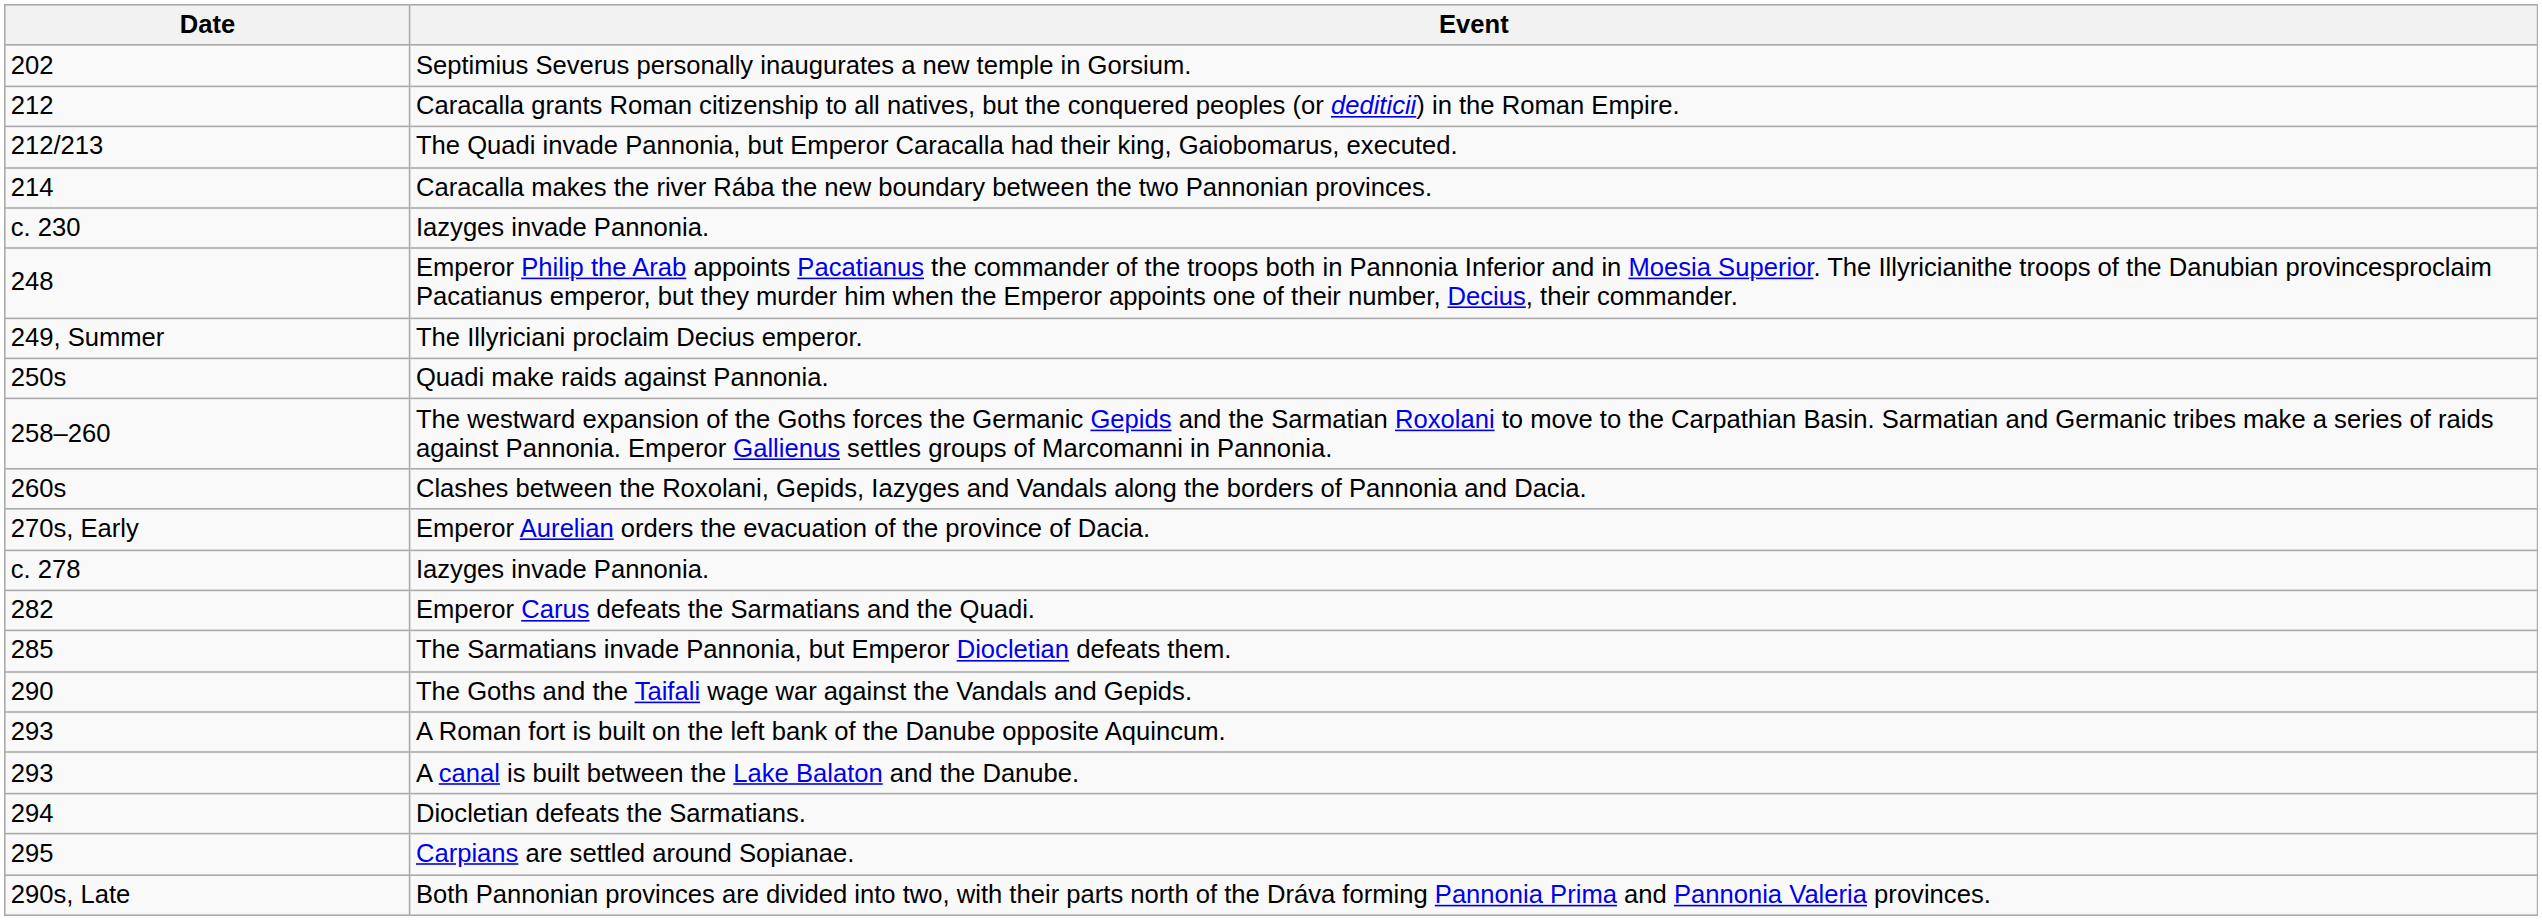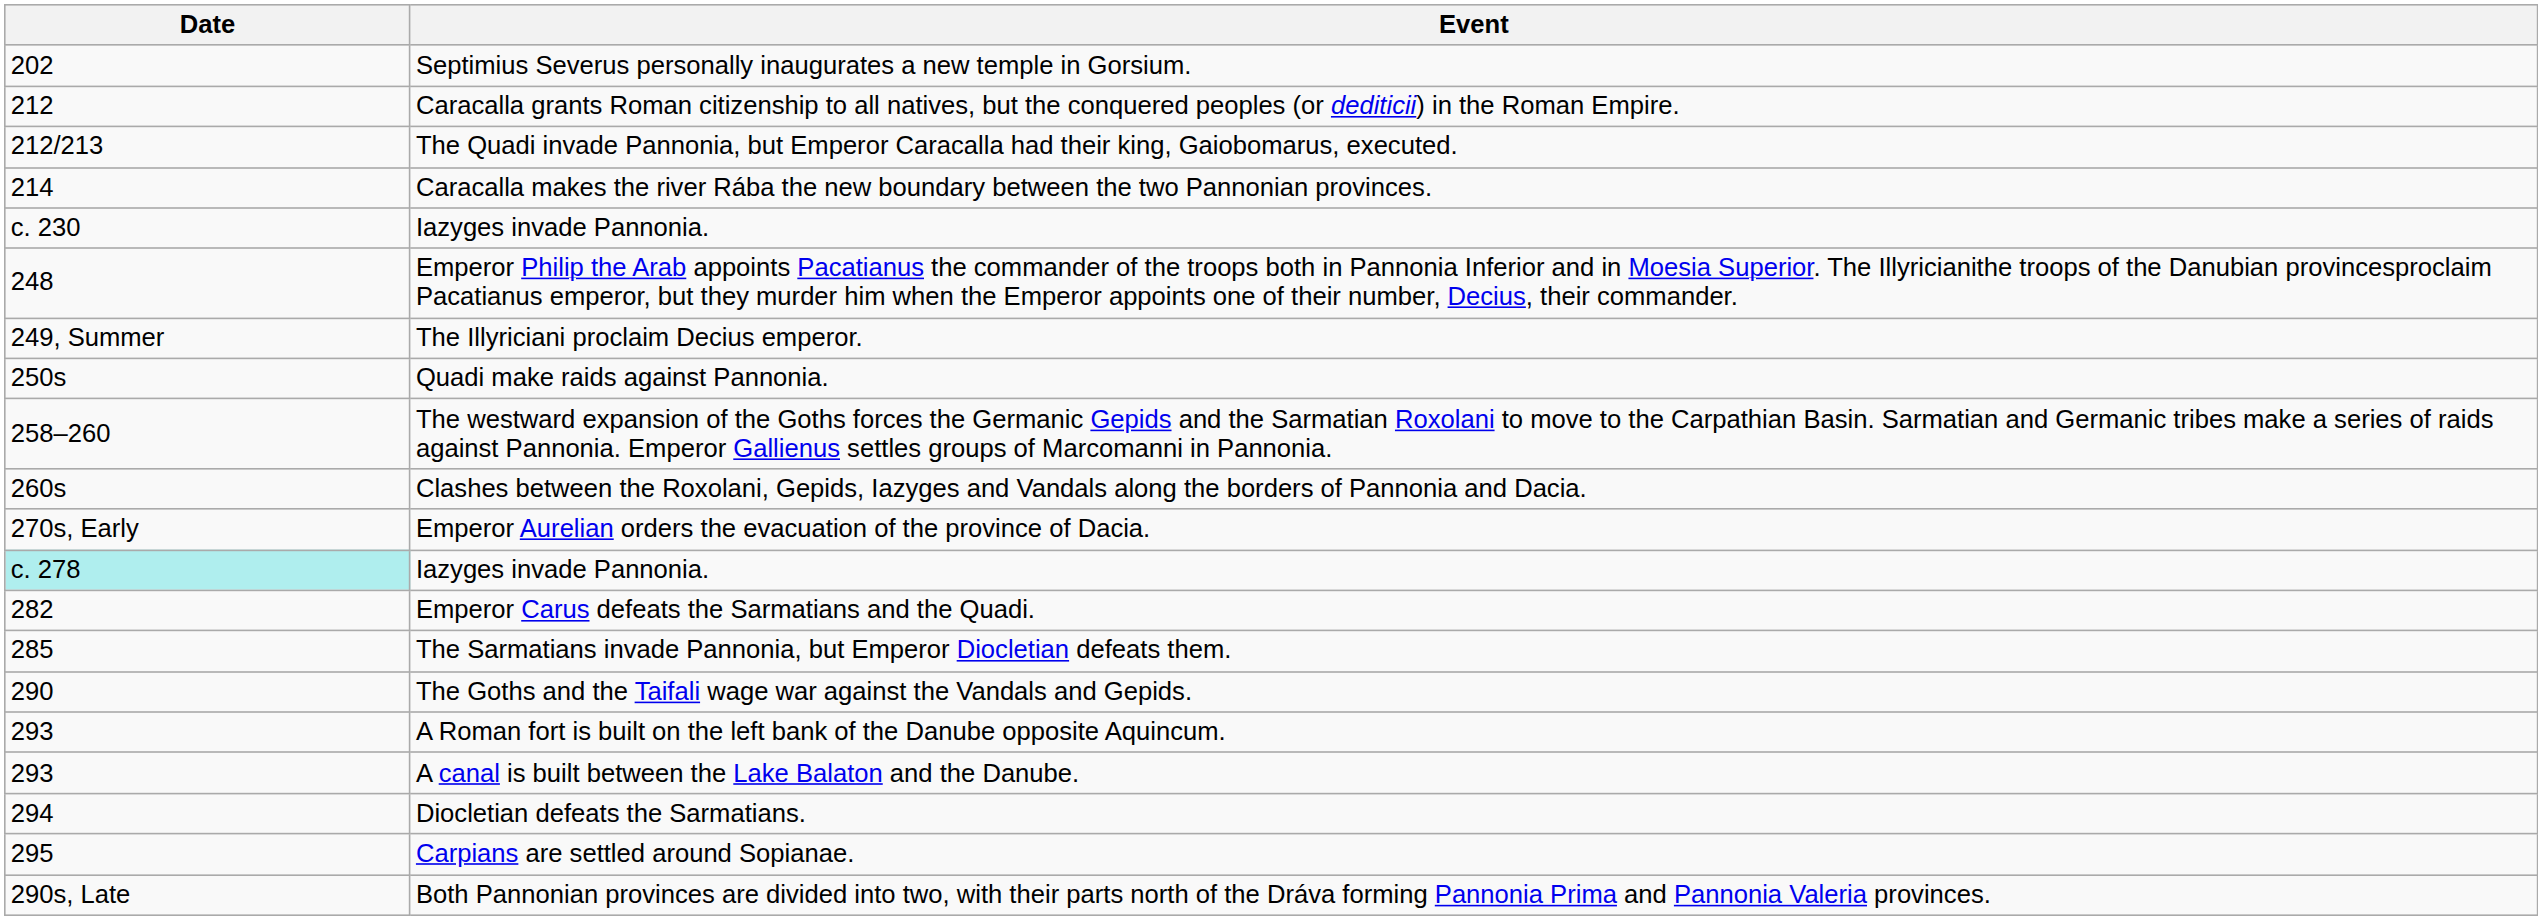 <table class="wikitable" width="100%">
 <tr>
 <th width="16%">Date</th>
 <th width="84%">Event</th>
 </tr>
 <tr>
 <td>202</td>
 <td>Septimius Severus personally inaugurates a new temple in Gorsium.</td>
 </tr>
 <tr>
 <td>212</td>
 <td>Caracalla grants Roman citizenship to all natives, but the conquered peoples (or <em><a href='#'>dediticii</a></em>) in the Roman Empire.</td>
 </tr>
 <tr>
 <td>212/213</td>
 <td>The Quadi invade Pannonia, but Emperor Caracalla had their king, Gaiobomarus, executed.</td>
 </tr>
 <tr>
 <td>214</td>
 <td>Caracalla makes the river Rába the new boundary between the two Pannonian provinces.</td>
 </tr>
 <tr>
 <td>c. 230</td>
 <td>Iazyges invade Pannonia.</td>
 </tr>
 <tr>
 <td>248</td>
 <td>Emperor <a href='#'>Philip the Arab</a> appoints <a href='#'>Pacatianus</a> the commander of the troops both in Pannonia Inferior and in <a href='#'>Moesia Superior</a>. The Illyricianithe troops of the Danubian provincesproclaim Pacatianus emperor, but they murder him when the Emperor appoints one of their number, <a href='#'>Decius</a>, their commander.</td>
 </tr>
 <tr>
 <td>249, Summer</td>
 <td>The Illyriciani proclaim Decius emperor.</td>
 </tr>
 <tr>
 <td>250s</td>
 <td>Quadi make raids against Pannonia.</td>
 </tr>
 <tr>
 <td>258–260</td>
 <td>The westward expansion of the Goths forces the Germanic <a href='#'>Gepids</a> and the Sarmatian <a href='#'>Roxolani</a> to move to the Carpathian Basin. Sarmatian and Germanic tribes make a series of raids against Pannonia. Emperor <a href='#'>Gallienus</a> settles groups of Marcomanni in Pannonia.</td>
 </tr>
 <tr>
 <td>260s</td>
 <td>Clashes between the Roxolani, Gepids, Iazyges and Vandals along the borders of Pannonia and Dacia.</td>
 </tr>
 <tr>
 <td>270s, Early</td>
 <td>Emperor <a href='#'>Aurelian</a> orders the evacuation of the province of Dacia.</td>
 </tr>
 <tr>
-<td>c. 278</td>
+<td style="background: paleturquoise;">c. 278</td>
 <td>Iazyges invade Pannonia.</td>
 </tr>
 <tr>
 <td>282</td>
 <td>Emperor <a href='#'>Carus</a> defeats the Sarmatians and the Quadi.</td>
 </tr>
 <tr>
 <td>285</td>
 <td>The Sarmatians invade Pannonia, but Emperor <a href='#'>Diocletian</a> defeats them.</td>
 </tr>
 <tr>
 <td>290</td>
 <td>The Goths and the <a href='#'>Taifali</a> wage war against the Vandals and Gepids.</td>
 </tr>
 <tr>
 <td>293</td>
 <td>A Roman fort is built on the left bank of the Danube opposite Aquincum.</td>
 </tr>
 <tr>
 <td>293</td>
 <td>A <a href='#'>canal</a> is built between the <a href='#'>Lake Balaton</a> and the Danube.</td>
 </tr>
 <tr>
 <td>294</td>
 <td>Diocletian defeats the Sarmatians.</td>
 </tr>
 <tr>
 <td>295</td>
 <td><a href='#'>Carpians</a> are settled around Sopianae.</td>
 </tr>
 <tr>
 <td>290s, Late</td>
 <td>Both Pannonian provinces are divided into two, with their parts north of the Dráva forming <a href='#'>Pannonia Prima</a> and <a href='#'>Pannonia Valeria</a> provinces.</td>
 </tr>
 </table>
